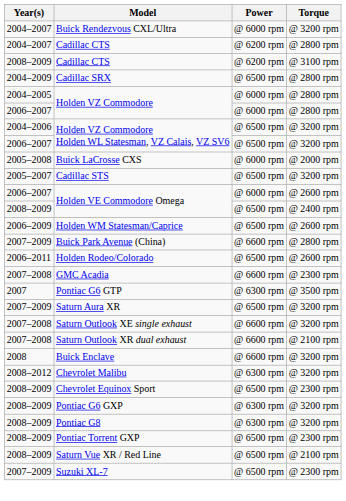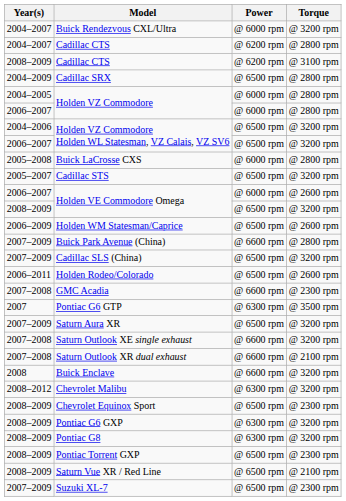 <table class="wikitable" style="font-size: 90%">
 <tr>
 <th>Year(s)</th>
 <th>Model</th>
 <th>Power</th>
 <th>Torque</th>
 </tr>
 <tr>
 <td style="white-space:nowrap;">2004–2007</td>
 <td><a href='#'>Buick Rendezvous</a> CXL/Ultra</td>
 <td style="white-space:nowrap;"> @ 6000 rpm</td>
 <td> @ 3200 rpm</td>
 </tr>
 <tr>
 <td>2004–2007</td>
 <td><a href='#'>Cadillac CTS</a></td>
 <td> @ 6200 rpm</td>
 <td> @ 2800 rpm</td>
 </tr>
 <tr>
 <td>2008–2009</td>
 <td><a href='#'>Cadillac CTS</a></td>
 <td> @ 6200 rpm</td>
 <td> @ 3100 rpm</td>
 </tr>
 <tr>
 <td>2004–2009</td>
 <td><a href='#'>Cadillac SRX</a></td>
 <td> @ 6500 rpm</td>
 <td> @ 2800 rpm</td>
 </tr>
 <tr>
 <td>2004–2005</td>
 <td rowspan= "2"><a href='#'>Holden VZ Commodore</a></td>
 <td> @ 6000 rpm</td>
 <td> @ 2800 rpm</td>
 </tr>
 <tr>
 <td>2006–2007</td>
 <td> @ 6000 rpm</td>
 <td> @ 2800 rpm</td>
 </tr>
 <tr>
 <td>2004–2006</td>
 <td rowspan= "2"><a href='#'>Holden VZ Commodore</a><br><a href='#'>Holden WL Statesman</a>, <a href='#'>VZ Calais</a>, <a href='#'>VZ SV6</a></td>
 <td> @ 6500 rpm</td>
 <td> @ 3200 rpm</td>
 </tr>
 <tr>
 <td>2006–2007</td>
 <td> @ 6500 rpm</td>
 <td> @ 3200 rpm</td>
 </tr>
 <tr>
 <td>2005–2008</td>
 <td><a href='#'>Buick LaCrosse</a> CXS</td>
 <td> @ 6000 rpm</td>
-<td> @ 2000 rpm</td>
+<td> @ 2800 rpm</td>
 </tr>
 <tr>
 <td>2005–2007</td>
 <td><a href='#'>Cadillac STS</a></td>
 <td> @ 6500 rpm</td>
 <td> @ 3200 rpm</td>
 </tr>
 <tr>
 <td>2006–2007</td>
 <td rowspan = "2"><a href='#'>Holden VE Commodore</a> Omega</td>
 <td> @ 6000 rpm</td>
 <td> @ 2600 rpm</td>
 </tr>
 <tr>
 <td>2008–2009</td>
 <td> @ 6500 rpm</td>
-<td> @ 2400 rpm</td>
+<td> @ 3200 rpm</td>
 </tr>
 <tr>
 <td>2006–2009</td>
 <td><a href='#'>Holden WM Statesman/Caprice</a></td>
 <td> @ 6500 rpm</td>
 <td> @ 2600 rpm</td>
 </tr>
 <tr>
 <td>2007–2009</td>
 <td><a href='#'>Buick Park Avenue</a> (China)</td>
 <td> @ 6600 rpm</td>
 <td> @ 2800 rpm</td>
+</tr>
+<tr>
+<td>2007–2009</td>
+<td><a href='#'>Cadillac SLS</a> (China)</td>
+<td> @ 6500 rpm</td>
+<td> @ 3200 rpm</td>
 </tr>
 <tr>
 <td>2006–2011</td>
 <td><a href='#'>Holden Rodeo/Colorado</a></td>
 <td> @ 6500 rpm</td>
 <td> @ 2600 rpm</td>
 </tr>
 <tr>
 <td>2007–2008</td>
 <td><a href='#'>GMC Acadia</a></td>
 <td> @ 6600 rpm</td>
 <td> @ 2300 rpm</td>
 </tr>
 <tr>
 <td>2007</td>
 <td><a href='#'>Pontiac G6</a> GTP</td>
 <td> @ 6300 rpm</td>
 <td style="white-space:nowrap;"> @ 3500 rpm</td>
 </tr>
 <tr>
 <td>2007–2009</td>
 <td><a href='#'>Saturn Aura</a> XR</td>
 <td> @ 6500 rpm</td>
 <td> @ 3200 rpm</td>
 </tr>
 <tr>
 <td>2007–2008</td>
 <td><a href='#'>Saturn Outlook</a> XE <em>single exhaust</em></td>
 <td> @ 6600 rpm</td>
 <td> @ 3200 rpm</td>
 </tr>
 <tr>
 <td>2007–2008</td>
 <td><a href='#'>Saturn Outlook</a> XR <em>dual exhaust</em></td>
 <td> @ 6600 rpm</td>
 <td> @ 2100 rpm</td>
 </tr>
 <tr>
 <td>2008</td>
 <td><a href='#'>Buick Enclave</a></td>
 <td> @ 6600 rpm</td>
 <td> @ 3200 rpm</td>
 </tr>
 <tr>
 <td>2008–2012</td>
 <td><a href='#'>Chevrolet Malibu</a></td>
 <td> @ 6300 rpm</td>
 <td> @ 3200 rpm</td>
 </tr>
 <tr>
 <td>2008–2009</td>
 <td><a href='#'>Chevrolet Equinox</a> Sport</td>
 <td> @ 6500 rpm</td>
 <td> @ 2300 rpm</td>
 </tr>
 <tr>
 <td>2008–2009</td>
 <td><a href='#'>Pontiac G6</a> GXP</td>
 <td> @ 6300 rpm</td>
 <td> @ 3200 rpm</td>
 </tr>
 <tr>
 <td>2008–2009</td>
 <td><a href='#'>Pontiac G8</a></td>
 <td> @ 6300 rpm</td>
 <td> @ 3200 rpm</td>
 </tr>
 <tr>
 <td>2008–2009</td>
 <td><a href='#'>Pontiac Torrent</a> GXP</td>
 <td> @ 6500 rpm</td>
 <td> @ 2300 rpm</td>
 </tr>
 <tr>
 <td>2008–2009</td>
 <td><a href='#'>Saturn Vue</a> XR / Red Line</td>
 <td> @ 6500 rpm</td>
 <td> @ 2100 rpm</td>
 </tr>
 <tr>
 <td>2007–2009</td>
 <td><a href='#'>Suzuki XL-7</a></td>
 <td> @ 6500 rpm</td>
 <td> @ 2300 rpm</td>
 </tr>
 </table>
